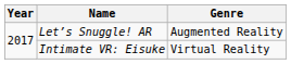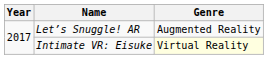 <table class="wikitable">
 <tr>
 <th>Year</th>
 <th>Name</th>
 <th>Genre</th>
 </tr>
 <tr>
 <td rowspan="2">2017</td>
 <td><em>Let’s Snuggle! AR</em></td>
 <td>Augmented Reality</td>
 </tr>
 <tr>
 <td><em>Intimate VR: Eisuke</em></td>
-<td>Virtual Reality</td>
+<td style="background: lightyellow;">Virtual Reality</td>
 </tr>
 </table>
